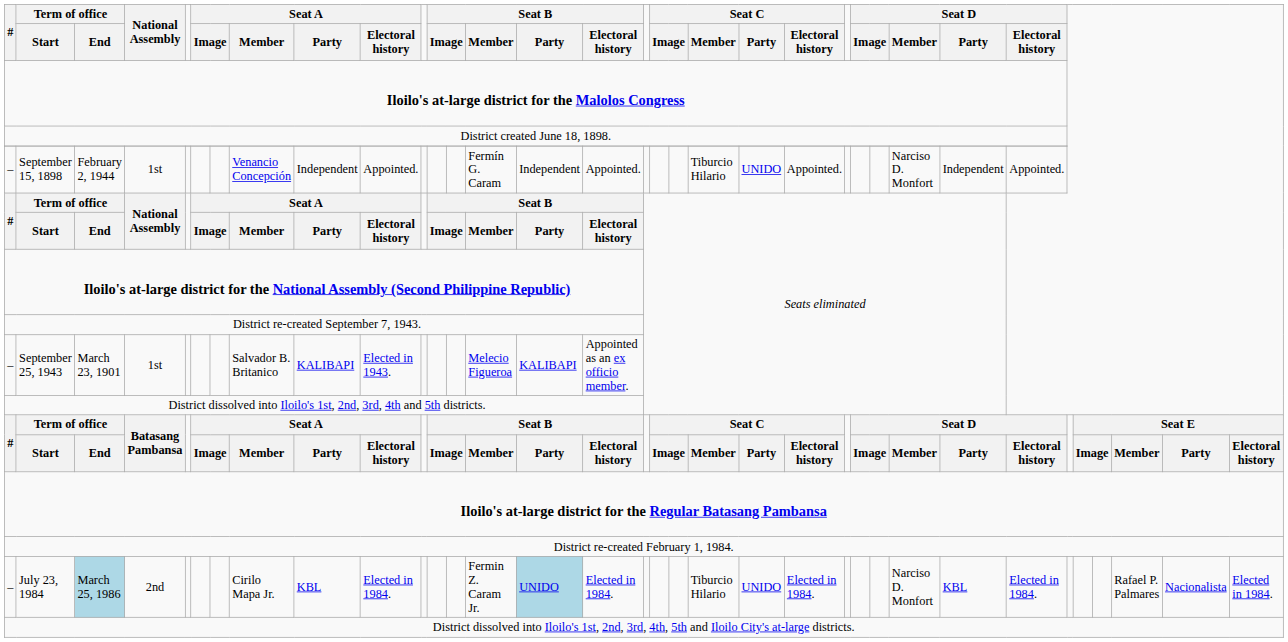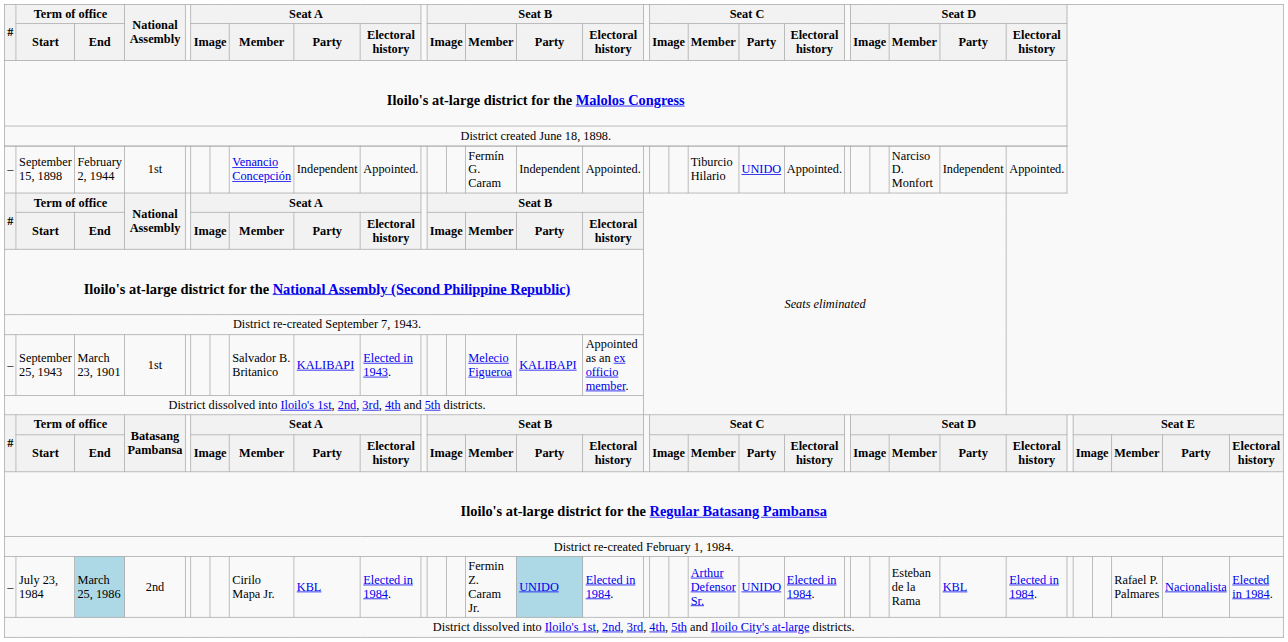 <table class=wikitable>
 <tr>
 <th rowspan=2>#</th>
 <th colspan=2>Term of office</th>
 <th rowspan=2>National<br>Assembly</th>
 <td rowspan=2></td>
 <th colspan=5>Seat A</th>
 <td rowspan=2></td>
 <th colspan=5>Seat B</th>
 <td rowspan=2></td>
 <th colspan=5>Seat C</th>
 <td rowspan=2></td>
 <th colspan=5>Seat D</th>
 </tr>
 <tr style="height:3em">
 <th>Start</th>
 <th>End</th>
 <th colspan="2" style="text-align:center;">Image</th>
 <th>Member</th>
 <th>Party</th>
 <th>Electoral history</th>
 <th colspan="2" style="text-align:center;">Image</th>
 <th>Member</th>
 <th>Party</th>
 <th>Electoral history</th>
 <th colspan="2" style="text-align:center;">Image</th>
 <th>Member</th>
 <th>Party</th>
 <th>Electoral history</th>
 <th colspan="2" style="text-align:center;">Image</th>
 <th>Member</th>
 <th>Party</th>
 <th>Electoral history</th>
 </tr>
 <tr>
 <td colspan="28" style="text-align:center;"><br><h3>Iloilo's at-large district for the <a href='#'>Malolos Congress</a></h3></td>
 </tr>
 <tr>
 <td colspan="28" style="text-align:center;">District created June 18, 1898.</td>
 </tr>
 <tr>
 </tr>
 <tr style="height:3em">
 <td style="text-align:center;">–</td>
 <td>September 15, 1898</td>
 <td>February 2, 1944</td>
 <td style="text-align:center;">1st</td>
 <td></td>
 <td style="color:inherit;background:"></td>
 <td></td>
 <td><a href='#'>Venancio Concepción</a></td>
 <td>Independent</td>
 <td>Appointed.</td>
 <td></td>
 <td style="color:inherit;background:"></td>
 <td></td>
 <td>Fermín G. Caram</td>
 <td>Independent</td>
 <td>Appointed.</td>
 <td></td>
 <td style="color:inherit;background:"></td>
 <td></td>
 <td>Tiburcio Hilario</td>
 <td><a href='#'>UNIDO</a></td>
 <td>Appointed.</td>
 <td></td>
 <td style="color:inherit;background:"></td>
 <td></td>
 <td>Narciso D. Monfort</td>
 <td>Independent</td>
 <td>Appointed.</td>
 </tr>
 <tr>
 <th rowspan=2>#</th>
 <th colspan=2>Term of office</th>
 <th rowspan=2>National<br>Assembly</th>
 <td rowspan=2></td>
 <th colspan=5>Seat A</th>
 <td rowspan=2></td>
 <th colspan=5>Seat B</th>
 <td rowspan=6 colspan=11 style="text-align:center;"><em>Seats eliminated</em></td>
 </tr>
 <tr style="height:3em">
 <th>Start</th>
 <th>End</th>
 <th colspan="2" style="text-align:center;">Image</th>
 <th>Member</th>
 <th>Party</th>
 <th>Electoral history</th>
 <th colspan="2" style="text-align:center;">Image</th>
 <th>Member</th>
 <th>Party</th>
 <th>Electoral history</th>
 </tr>
 <tr>
 <td colspan="17" style="text-align:center;"><br><h3>Iloilo's at-large district for the <a href='#'>National Assembly (Second Philippine Republic)</a></h3></td>
 </tr>
 <tr>
 <td colspan="17" style="text-align:center;">District re-created September 7, 1943.</td>
 </tr>
 <tr>
 <td style="text-align:center;">–</td>
 <td>September 25, 1943</td>
 <td>March 23, 1901</td>
 <td style="text-align:center;">1st</td>
 <td></td>
 <td style="color:inherit;background:"></td>
 <td></td>
 <td>Salvador B. Britanico</td>
 <td><a href='#'>KALIBAPI</a></td>
 <td><a href='#'>Elected in 1943</a>.</td>
 <td></td>
 <td style="color:inherit;background:"></td>
 <td></td>
 <td><a href='#'>Melecio Figueroa</a></td>
 <td><a href='#'>KALIBAPI</a></td>
 <td>Appointed as an <a href='#'>ex officio member</a>.</td>
 </tr>
 <tr>
 <td colspan="17" style="text-align:center;">District dissolved into <a href='#'>Iloilo's 1st</a>, <a href='#'>2nd</a>, <a href='#'>3rd</a>, <a href='#'>4th</a> and <a href='#'>5th</a> districts.</td>
 </tr>
 <tr>
 <th rowspan=2>#</th>
 <th colspan=2>Term of office</th>
 <th rowspan=2>Batasang<br>Pambansa</th>
 <td rowspan=2></td>
 <th colspan=5>Seat A</th>
 <td rowspan=2></td>
 <th colspan=5>Seat B</th>
 <td rowspan=2></td>
 <th colspan=5>Seat C</th>
 <td rowspan=2></td>
 <th colspan=5>Seat D</th>
 <td rowspan=2></td>
 <th colspan=5>Seat E</th>
 </tr>
 <tr style="height:3em">
 <th>Start</th>
 <th>End</th>
 <th colspan="2" style="text-align:center;">Image</th>
 <th>Member</th>
 <th>Party</th>
 <th>Electoral history</th>
 <th colspan="2" style="text-align:center;">Image</th>
 <th>Member</th>
 <th>Party</th>
 <th>Electoral history</th>
 <th colspan="2" style="text-align:center;">Image</th>
 <th>Member</th>
 <th>Party</th>
 <th>Electoral history</th>
 <th colspan="2" style="text-align:center;">Image</th>
 <th>Member</th>
 <th>Party</th>
 <th>Electoral history</th>
 <th colspan="2" style="text-align:center;">Image</th>
 <th>Member</th>
 <th>Party</th>
 <th>Electoral history</th>
 </tr>
 <tr>
 <td colspan="34" style="text-align:center;"><br><h3>Iloilo's at-large district for the <a href='#'>Regular Batasang Pambansa</a></h3></td>
 </tr>
 <tr>
 <td colspan="34" style="text-align:center;">District re-created February 1, 1984.</td>
 </tr>
 <tr style="height:3em">
 <td style="text-align:center;">–</td>
 <td>July 23, 1984</td>
 <td style="background: lightblue;">March 25, 1986</td>
 <td style="text-align:center;">2nd</td>
 <td></td>
 <td style="color:inherit;background:"></td>
 <td></td>
 <td>Cirilo Mapa Jr.</td>
 <td><a href='#'>KBL</a></td>
 <td><a href='#'>Elected in 1984</a>.</td>
 <td></td>
 <td style="color:inherit;background:"></td>
 <td></td>
 <td>Fermin Z. Caram Jr.</td>
 <td style="background: lightblue;"><a href='#'>UNIDO</a></td>
 <td><a href='#'>Elected in 1984</a>.</td>
 <td></td>
 <td style="color:inherit;background:"></td>
 <td></td>
-<td>Tiburcio Hilario</td>
+<td><a href='#'>Arthur Defensor Sr.</a></td>
 <td><a href='#'>UNIDO</a></td>
 <td><a href='#'>Elected in 1984</a>.</td>
 <td></td>
 <td style="color:inherit;background:"></td>
 <td></td>
-<td>Narciso D. Monfort</td>
+<td>Esteban de la Rama</td>
 <td><a href='#'>KBL</a></td>
 <td><a href='#'>Elected in 1984</a>.</td>
 <td></td>
 <td style="color:inherit;background:"></td>
 <td></td>
 <td>Rafael P. Palmares</td>
 <td><a href='#'>Nacionalista</a></td>
 <td><a href='#'>Elected in 1984</a>.</td>
 </tr>
 <tr>
 <td colspan="34" style="text-align:center;">District dissolved into <a href='#'>Iloilo's 1st</a>, <a href='#'>2nd</a>, <a href='#'>3rd</a>, <a href='#'>4th</a>, <a href='#'>5th</a> and <a href='#'>Iloilo City's at-large</a> districts.</td>
 </tr>
 </table>
